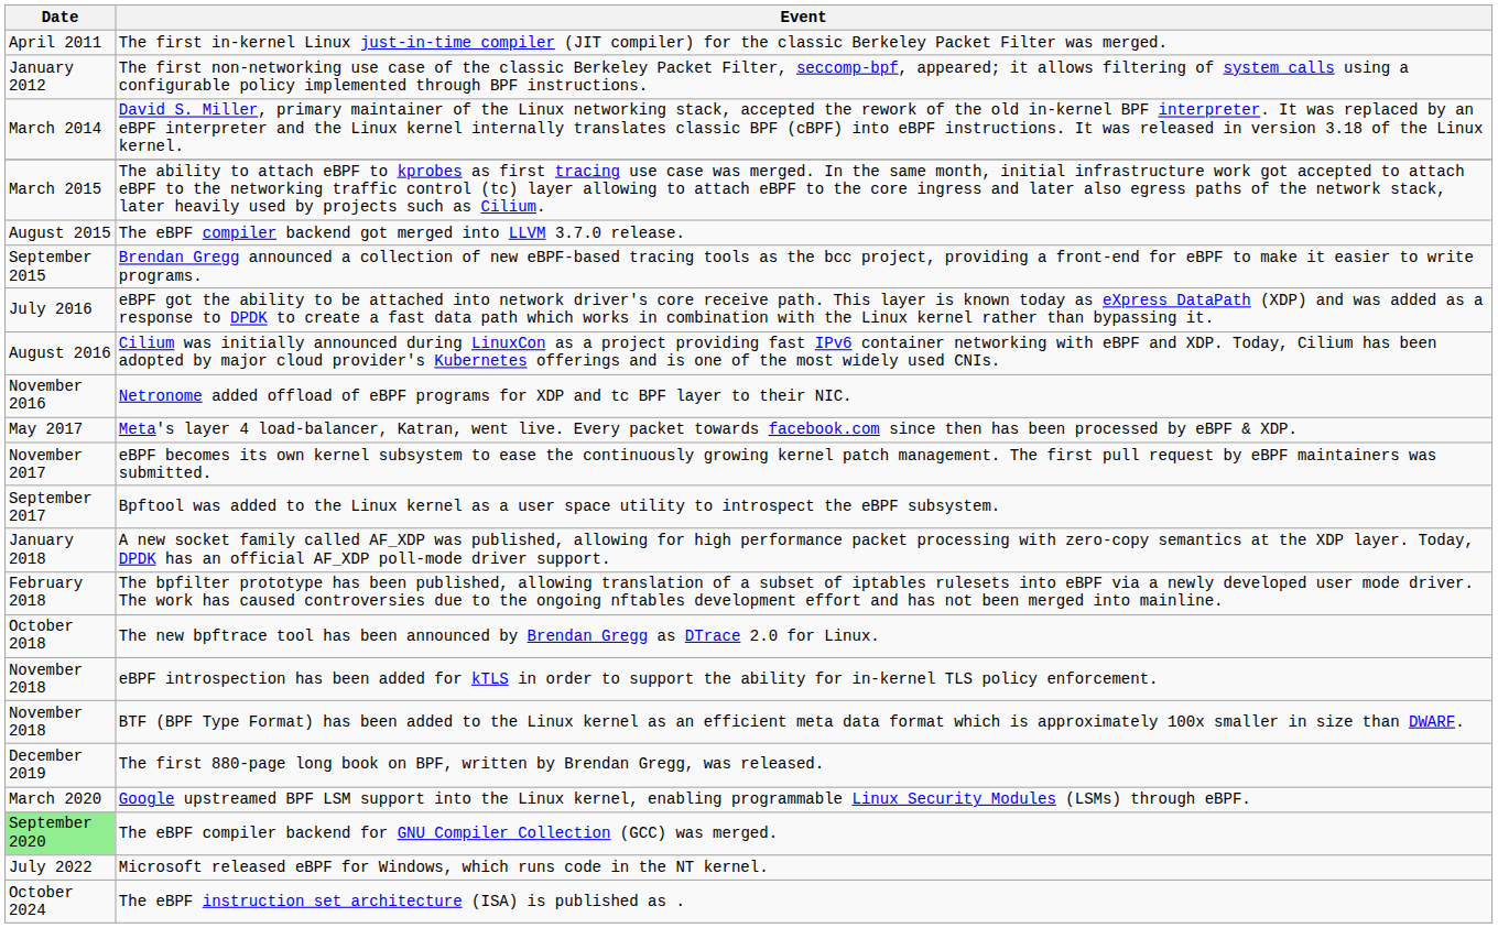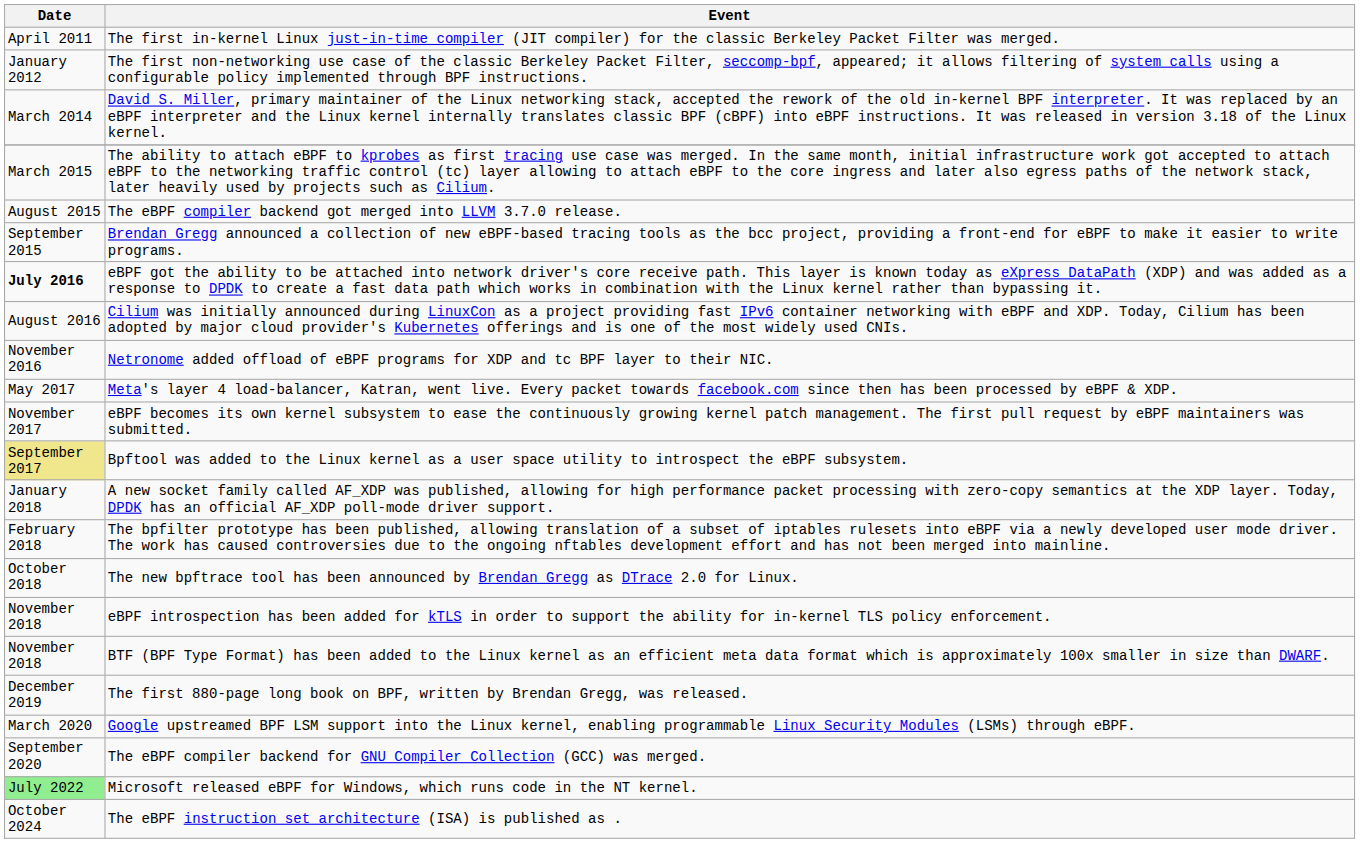 <table class="wikitable">
 <tr>
 <th>Date</th>
 <th>Event</th>
 </tr>
 <tr>
 <td>April 2011</td>
 <td>The first in-kernel Linux <a href='#'>just-in-time compiler</a> (JIT compiler) for the classic Berkeley Packet Filter was merged.</td>
 </tr>
 <tr>
 <td>January 2012</td>
 <td>The first non-networking use case of the classic Berkeley Packet Filter, <a href='#'>seccomp-bpf</a>, appeared; it allows filtering of <a href='#'>system calls</a> using a configurable policy implemented through BPF instructions.</td>
 </tr>
 <tr>
 <td>March 2014</td>
 <td><a href='#'>David S. Miller</a>, primary maintainer of the Linux networking stack, accepted the rework of the old in-kernel BPF <a href='#'>interpreter</a>. It was replaced by an eBPF interpreter and the Linux kernel internally translates classic BPF (cBPF) into eBPF instructions. It was released in version 3.18 of the Linux kernel.</td>
 </tr>
 <tr>
 </tr>
 <tr September 2014 | The bpf >
 </tr>
 <tr>
 <td>March 2015</td>
 <td>The ability to attach eBPF to <a href='#'>kprobes</a> as first <a href='#'>tracing</a> use case was merged. In the same month, initial infrastructure work got accepted to attach eBPF to the networking traffic control (tc) layer allowing to attach eBPF to the core ingress and later also egress paths of the network stack, later heavily used by projects such as <a href='#'>Cilium</a>.</td>
 </tr>
 <tr>
 <td>August 2015</td>
 <td>The eBPF <a href='#'>compiler</a> backend got merged into <a href='#'>LLVM</a> 3.7.0 release.</td>
 </tr>
 <tr>
 <td>September 2015</td>
 <td><a href='#'>Brendan Gregg</a> announced a collection of new eBPF-based tracing tools as the bcc project, providing a front-end for eBPF to make it easier to write programs.</td>
 </tr>
 <tr>
-<td>July 2016</td>
+<td><strong>July 2016</strong></td>
 <td>eBPF got the ability to be attached into network driver's core receive path. This layer is known today as <a href='#'>eXpress DataPath</a> (XDP) and was added as a response to <a href='#'>DPDK</a> to create a fast data path which works in combination with the Linux kernel rather than bypassing it.</td>
 </tr>
 <tr>
 <td>August 2016</td>
 <td><a href='#'>Cilium</a> was initially announced during <a href='#'>LinuxCon</a> as a project providing fast <a href='#'>IPv6</a> container networking with eBPF and XDP. Today, Cilium has been adopted by major cloud provider's <a href='#'>Kubernetes</a> offerings and is one of the most widely used CNIs.</td>
 </tr>
 <tr>
 <td>November 2016</td>
 <td><a href='#'>Netronome</a> added offload of eBPF programs for XDP and tc BPF layer to their NIC.</td>
 </tr>
 <tr>
 <td>May 2017</td>
 <td><a href='#'>Meta</a>'s layer 4 load-balancer, Katran, went live. Every packet towards <a href='#'>facebook.com</a> since then has been processed by eBPF & XDP.</td>
 </tr>
 <tr>
 <td>November 2017</td>
 <td>eBPF becomes its own kernel subsystem to ease the continuously growing kernel patch management. The first pull request by eBPF maintainers was submitted.</td>
 </tr>
 <tr>
-<td>September 2017</td>
+<td style="background: khaki;">September 2017</td>
 <td>Bpftool was added to the Linux kernel as a user space utility to introspect the eBPF subsystem.</td>
 </tr>
 <tr>
 <td>January 2018</td>
 <td>A new socket family called AF_XDP was published, allowing for high performance packet processing with zero-copy semantics at the XDP layer. Today, <a href='#'>DPDK</a> has an official AF_XDP poll-mode driver support.</td>
 </tr>
 <tr>
 <td>February 2018</td>
 <td>The bpfilter prototype has been published, allowing translation of a subset of iptables rulesets into eBPF via a newly developed user mode driver. The work has caused controversies due to the ongoing nftables development effort and has not been merged into mainline.</td>
 </tr>
 <tr>
 <td>October 2018</td>
 <td>The new bpftrace tool has been announced by <a href='#'>Brendan Gregg</a> as <a href='#'>DTrace</a> 2.0 for Linux.</td>
 </tr>
 <tr>
 <td>November 2018</td>
 <td>eBPF introspection has been added for <a href='#'>kTLS</a> in order to support the ability for in-kernel TLS policy enforcement.</td>
 </tr>
 <tr>
 <td>November 2018</td>
 <td>BTF (BPF Type Format) has been added to the Linux kernel as an efficient meta data format which is approximately 100x smaller in size than <a href='#'>DWARF</a>.</td>
 </tr>
 <tr>
 <td>December 2019</td>
 <td>The first 880-page long book on BPF, written by Brendan Gregg, was released.</td>
 </tr>
 <tr>
 <td>March 2020</td>
 <td><a href='#'>Google</a> upstreamed BPF LSM support into the Linux kernel, enabling programmable <a href='#'>Linux Security Modules</a> (LSMs) through eBPF.</td>
 </tr>
 <tr>
-<td style="background: lightgreen;">September 2020</td>
+<td>September 2020</td>
 <td>The eBPF compiler backend for <a href='#'>GNU Compiler Collection</a> (GCC) was merged.</td>
 </tr>
 <tr>
-<td>July 2022</td>
+<td style="background: lightgreen;">July 2022</td>
 <td>Microsoft released eBPF for Windows, which runs code in the NT kernel.</td>
 </tr>
 <tr>
 <td>October 2024</td>
 <td>The eBPF <a href='#'>instruction set architecture</a> (ISA) is published as .</td>
 </tr>
 </table>
